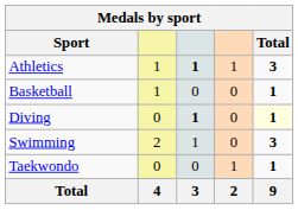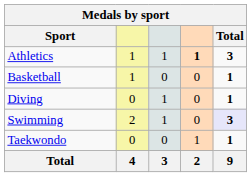 <table class="wikitable" style="font-size:90%; text-align:center;">
 <tr>
 <th colspan=5>Medals by sport</th>
 </tr>
 <tr>
 <th width=120>Sport</th>
 <th scope="col" width=30 style="background:#F7F6A8;"></th>
 <th scope="col" width=30 style="background:#DCE5E5;"></th>
 <th scope="col" width=30 style="background:#FFDAB9;"></th>
 <th width=30>Total</th>
 </tr>
 <tr>
 <td align=left><a href='#'>Athletics</a></td>
 <td style="background:#F7F6A8;">1</td>
-<td style="background:#DCE5E5;"><strong>1</strong></td>
-<td style="background:#FFDAB9;">1</td>
+<td style="background:#DCE5E5;">1</td>
+<td style="background:#FFDAB9;"><strong>1</strong></td>
 <td><strong>3</strong></td>
 </tr>
 <tr>
 <td align=left><a href='#'>Basketball</a></td>
 <td style="background:#F7F6A8;">1</td>
 <td style="background:#DCE5E5;">0</td>
 <td style="background:#FFDAB9;">0</td>
 <td><strong>1</strong></td>
 </tr>
 <tr>
 <td align=left><a href='#'>Diving</a></td>
 <td style="background:#F7F6A8;">0</td>
-<td style="background:#DCE5E5;"><strong>1</strong></td>
+<td style="background:#DCE5E5;">1</td>
 <td style="background:#FFDAB9;">0</td>
-<td style="background: lightyellow;"><strong>1</strong></td>
+<td><strong>1</strong></td>
 </tr>
 <tr>
 <td align=left><a href='#'>Swimming</a></td>
 <td style="background:#F7F6A8;">2</td>
 <td style="background:#DCE5E5;">1</td>
 <td style="background:#FFDAB9;">0</td>
-<td><strong>3</strong></td>
+<td style="background: lavender;"><strong>3</strong></td>
 </tr>
 <tr>
 <td align=left><a href='#'>Taekwondo</a></td>
 <td style="background:#F7F6A8;">0</td>
 <td style="background:#DCE5E5;">0</td>
 <td style="background:#FFDAB9;">1</td>
 <td><strong>1</strong></td>
 </tr>
 <tr class="sortbottom">
 <th>Total</th>
 <th>4</th>
 <th>3</th>
 <th>2</th>
 <th>9</th>
 </tr>
 </table>
